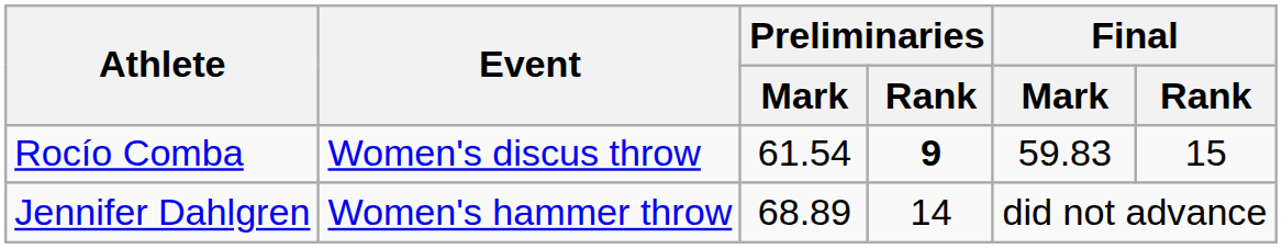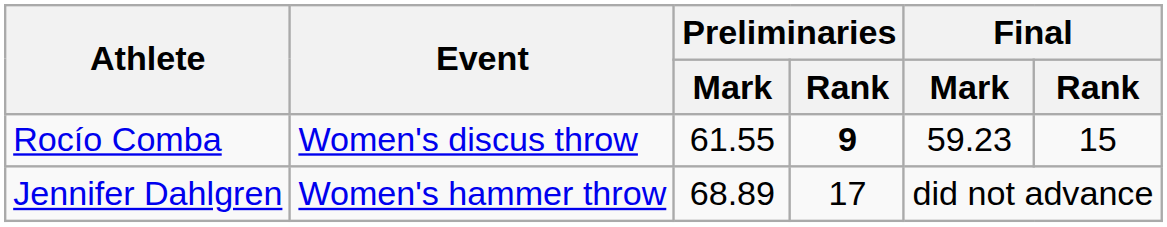 <table class=wikitable style="font-size:90%;">
 <tr>
 <th rowspan=2>Athlete</th>
 <th rowspan=2>Event</th>
 <th colspan=2>Preliminaries</th>
 <th colspan=2>Final</th>
 </tr>
 <tr>
 <th>Mark</th>
 <th>Rank</th>
 <th>Mark</th>
 <th>Rank</th>
 </tr>
 <tr>
 <td><a href='#'>Rocío Comba</a></td>
 <td><a href='#'>Women's discus throw</a></td>
-<td align="center">61.54</td>
+<td align="center">61.55</td>
 <td align="center"><strong>9</strong></td>
-<td align="center">59.83</td>
+<td align="center">59.23</td>
 <td align="center">15</td>
 </tr>
 <tr>
 <td><a href='#'>Jennifer Dahlgren</a></td>
 <td><a href='#'>Women's hammer throw</a></td>
 <td align="center">68.89</td>
-<td align="center">14</td>
+<td align="center">17</td>
 <td align="center" colspan=2>did not advance</td>
 </tr>
 </table>
